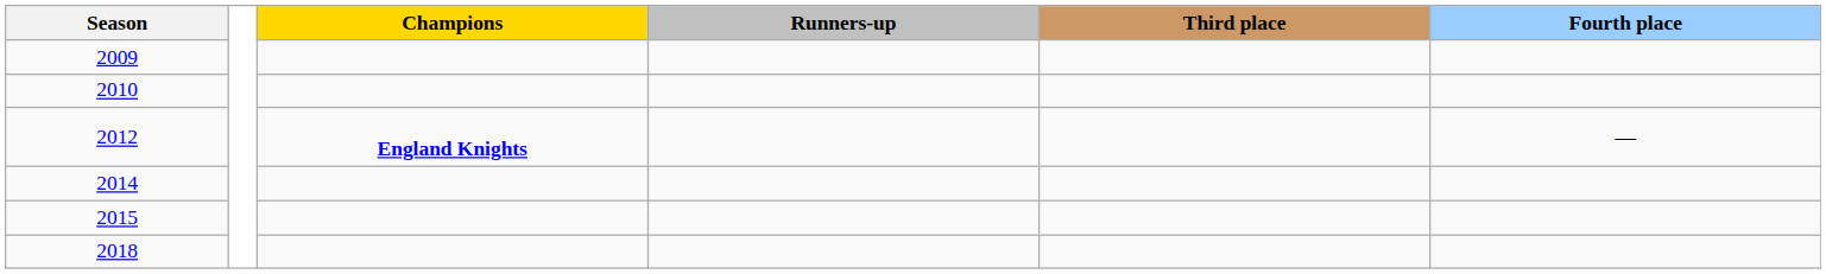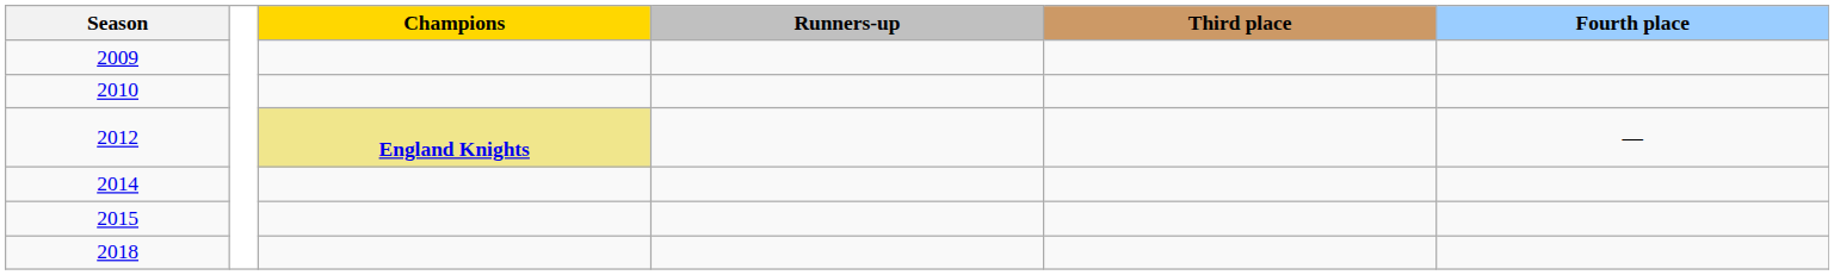 <table class="wikitable" style="font-size:90%;text-align:center;width:100%">
 <tr>
 <th width="8%">Season</th>
 <td width="1%" rowspan=25 style="background-color:#ffffff"></td>
 <th style="width:14%; background:gold;">Champions</th>
 <th style="width:14%; background:silver;">Runners-up</th>
 <th style="width:14%; background:#c96;">Third place</th>
 <th style="width:14%; background:#9acdff;">Fourth place</th>
 </tr>
 <tr>
 <td><a href='#'>2009</a></td>
 <td><strong></strong></td>
 <td></td>
 <td></td>
 <td></td>
 </tr>
 <tr>
 <td><a href='#'>2010</a></td>
 <td><strong></strong></td>
 <td></td>
 <td></td>
 <td></td>
 </tr>
 <tr>
 <td><a href='#'>2012</a></td>
-<td><br><strong><a href='#'>England Knights</a></strong></td>
+<td style="background: khaki;"><br><strong><a href='#'>England Knights</a></strong></td>
 <td></td>
 <td></td>
 <td>—</td>
 </tr>
 <tr>
 <td><a href='#'>2014</a></td>
 <td><strong></strong></td>
 <td></td>
 <td></td>
 <td></td>
 </tr>
 <tr>
 <td><a href='#'>2015</a></td>
 <td><strong></strong></td>
 <td></td>
 <td></td>
 <td></td>
 </tr>
 <tr>
 <td><a href='#'>2018</a></td>
 <td><strong></strong></td>
 <td></td>
 <td></td>
 <td></td>
 </tr>
 </table>
